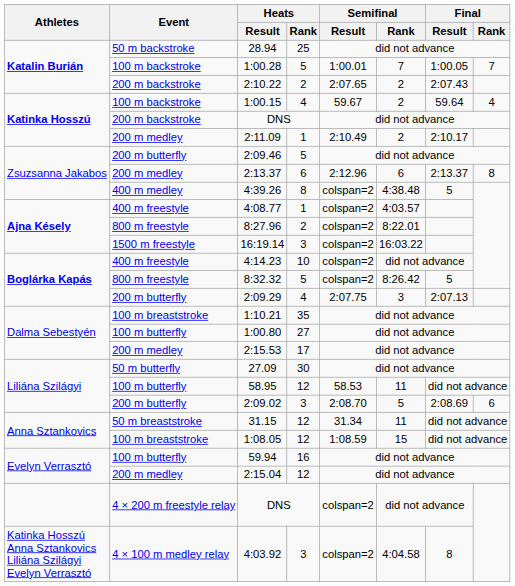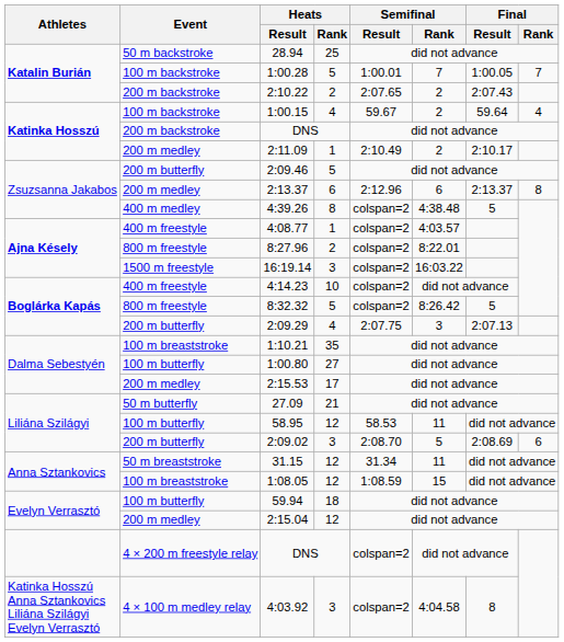 <table class="wikitable" border="1" style="font-size:90%; text-align:center">
 <tr>
 <th rowspan="2">Athletes</th>
 <th rowspan="2">Event</th>
 <th colspan="2">Heats</th>
 <th colspan="2">Semifinal</th>
 <th colspan="2">Final</th>
 </tr>
 <tr>
 <th>Result</th>
 <th>Rank</th>
 <th>Result</th>
 <th>Rank</th>
 <th>Result</th>
 <th>Rank</th>
 </tr>
 <tr>
 <td rowspan="3" align="left"><strong><a href='#'>Katalin Burián</a></strong></td>
 <td align="left"><a href='#'>50 m backstroke</a></td>
 <td>28.94</td>
 <td>25</td>
 <td colspan=4>did not advance</td>
 </tr>
 <tr>
 <td align="left"><a href='#'>100 m backstroke</a></td>
 <td>1:00.28</td>
 <td>5 <strong></strong></td>
 <td>1:00.01</td>
 <td>7 <strong></strong></td>
 <td>1:00.05</td>
 <td>7</td>
 </tr>
 <tr>
 <td align="left"><a href='#'>200 m backstroke</a></td>
 <td>2:10.22</td>
 <td>2 <strong></strong></td>
 <td>2:07.65</td>
 <td>2 <strong></strong></td>
 <td>2:07.43</td>
 <td></td>
 </tr>
 <tr>
 <td rowspan="3" align="left"><strong><a href='#'>Katinka Hosszú</a></strong></td>
 <td align="left"><a href='#'>100 m backstroke</a></td>
 <td>1:00.15</td>
 <td>4 <strong></strong></td>
 <td>59.67</td>
 <td>2 <strong></strong></td>
 <td>59.64</td>
 <td>4</td>
 </tr>
 <tr>
 <td align="left"><a href='#'>200 m backstroke</a></td>
 <td colspan=2>DNS</td>
 <td colspan=4>did not advance</td>
 </tr>
 <tr>
 <td align="left"><a href='#'>200 m medley</a></td>
 <td>2:11.09</td>
 <td>1 <strong></strong></td>
 <td>2:10.49</td>
 <td>2 <strong></strong></td>
 <td>2:10.17</td>
 <td></td>
 </tr>
 <tr>
 <td rowspan="3" align="left"><a href='#'>Zsuzsanna Jakabos</a></td>
 <td align="left"><a href='#'>200 m butterfly</a></td>
 <td>2:09.46</td>
 <td>5</td>
 <td colspan=4>did not advance</td>
 </tr>
 <tr>
 <td align="left"><a href='#'>200 m medley</a></td>
 <td>2:13.37</td>
 <td>6 <strong></strong></td>
 <td>2:12.96</td>
 <td>6 <strong></strong></td>
 <td>2:13.37</td>
 <td>8</td>
 </tr>
 <tr>
 <td align="left"><a href='#'>400 m medley</a></td>
 <td>4:39.26</td>
 <td>8 <strong></strong></td>
 <td>colspan=2 </td>
 <td>4:38.48</td>
 <td>5</td>
 </tr>
 <tr>
 <td rowspan="3" align="left"><strong><a href='#'>Ajna Késely</a></strong></td>
 <td align="left"><a href='#'>400 m freestyle</a></td>
 <td>4:08.77</td>
 <td>1 <strong></strong></td>
 <td>colspan=2 </td>
 <td>4:03.57</td>
 <td></td>
 </tr>
 <tr>
 <td align="left"><a href='#'>800 m freestyle</a></td>
 <td>8:27.96</td>
 <td>2 <strong></strong></td>
 <td>colspan=2 </td>
 <td>8:22.01</td>
 <td></td>
 </tr>
 <tr>
 <td align="left"><a href='#'>1500 m freestyle</a></td>
 <td>16:19.14</td>
 <td>3 <strong></strong></td>
 <td>colspan=2 </td>
 <td>16:03.22</td>
 <td></td>
 </tr>
 <tr>
 <td rowspan="3" align="left"><strong><a href='#'>Boglárka Kapás</a></strong></td>
 <td align="left"><a href='#'>400 m freestyle</a></td>
 <td>4:14.23</td>
 <td>10</td>
 <td>colspan=2 </td>
 <td colspan=2>did not advance</td>
 </tr>
 <tr>
 <td align="left"><a href='#'>800 m freestyle</a></td>
 <td>8:32.32</td>
 <td>5 <strong></strong></td>
 <td>colspan=2 </td>
 <td>8:26.42</td>
 <td>5</td>
 </tr>
 <tr>
 <td align="left"><a href='#'>200 m butterfly</a></td>
 <td>2:09.29</td>
 <td>4 <strong></strong></td>
 <td>2:07.75</td>
 <td>3 <strong></strong></td>
 <td>2:07.13</td>
 <td></td>
 </tr>
 <tr>
 <td rowspan="3" align="left"><a href='#'>Dalma Sebestyén</a></td>
 <td align="left"><a href='#'>100 m breaststroke</a></td>
 <td>1:10.21</td>
 <td>35</td>
 <td colspan=4>did not advance</td>
 </tr>
 <tr>
 <td align="left"><a href='#'>100 m butterfly</a></td>
 <td>1:00.80</td>
 <td>27</td>
 <td colspan=4>did not advance</td>
 </tr>
 <tr>
 <td align="left"><a href='#'>200 m medley</a></td>
 <td>2:15.53</td>
 <td>17</td>
 <td colspan=4>did not advance</td>
 </tr>
 <tr>
 <td rowspan="3" align="left"><a href='#'>Liliána Szilágyi</a></td>
 <td align="left"><a href='#'>50 m butterfly</a></td>
 <td>27.09</td>
-<td>30</td>
+<td>21</td>
 <td colspan=4>did not advance</td>
 </tr>
 <tr>
 <td align="left"><a href='#'>100 m butterfly</a></td>
 <td>58.95</td>
 <td>12 <strong></strong></td>
 <td>58.53</td>
 <td>11</td>
 <td colspan=2>did not advance</td>
 </tr>
 <tr>
 <td align="left"><a href='#'>200 m butterfly</a></td>
 <td>2:09.02</td>
 <td>3 <strong></strong></td>
 <td>2:08.70</td>
 <td>5 <strong></strong></td>
 <td>2:08.69</td>
 <td>6</td>
 </tr>
 <tr>
 <td rowspan="2" align="left"><a href='#'>Anna Sztankovics</a></td>
 <td align="left"><a href='#'>50 m breaststroke</a></td>
 <td>31.15</td>
 <td>12 <strong></strong></td>
 <td>31.34</td>
 <td>11</td>
 <td colspan=2>did not advance</td>
 </tr>
 <tr>
 <td align="left"><a href='#'>100 m breaststroke</a></td>
 <td>1:08.05</td>
 <td>12 <strong></strong></td>
 <td>1:08.59</td>
 <td>15</td>
 <td colspan=2>did not advance</td>
 </tr>
 <tr>
 <td rowspan="2" align="left"><a href='#'>Evelyn Verrasztó</a></td>
 <td align="left"><a href='#'>100 m butterfly</a></td>
 <td>59.94</td>
-<td>16</td>
+<td>18</td>
 <td colspan=4>did not advance</td>
 </tr>
 <tr>
 <td align="left"><a href='#'>200 m medley</a></td>
 <td>2:15.04</td>
 <td>12</td>
 <td colspan=4>did not advance</td>
 </tr>
 <tr>
 <td align="left"><br><br><br></td>
 <td align="left"><a href='#'>4 × 200 m freestyle relay</a></td>
 <td colspan=2>DNS</td>
 <td>colspan=2 </td>
 <td colspan=2>did not advance</td>
 </tr>
 <tr>
 <td align="left"><a href='#'>Katinka Hosszú</a><br><a href='#'>Anna Sztankovics</a><br><a href='#'>Liliána Szilágyi</a><br><a href='#'>Evelyn Verrasztó</a></td>
 <td align="left"><a href='#'>4 × 100 m medley relay</a></td>
 <td>4:03.92</td>
 <td>3 <strong></strong></td>
 <td>colspan=2 </td>
 <td>4:04.58</td>
 <td>8</td>
 </tr>
 </table>
